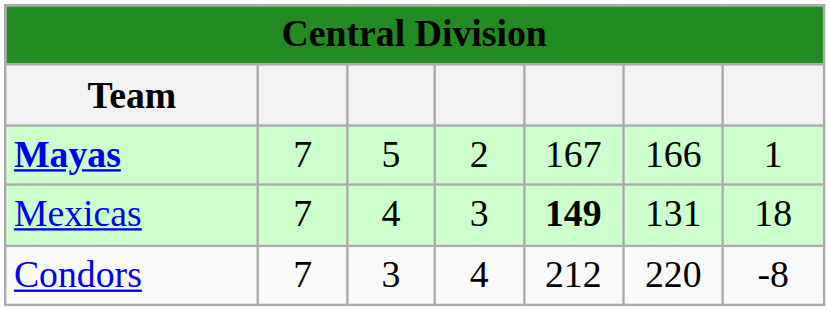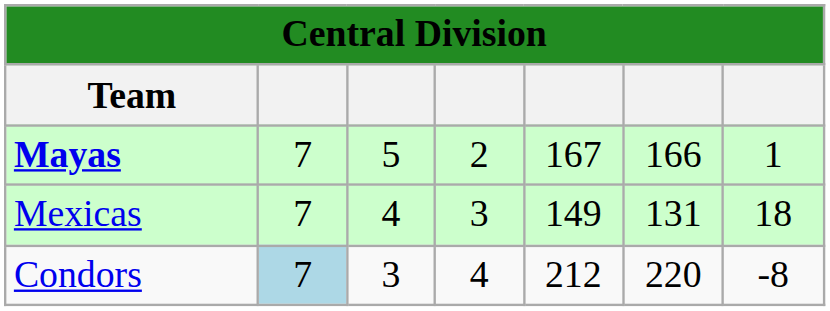 <table class="wikitable">
 <tr>
 <th colspan="11" style="background-color: ForestGreen;"><span>Central Division</span></th>
 </tr>
 <tr>
 <th width=100>Team</th>
 <th width=30></th>
 <th width=30></th>
 <th width=30></th>
 <th width=35></th>
 <th width=35></th>
 <th width=35></th>
 </tr>
 <tr style="text-align:center;background:#ccffcc;">
 <td style="text-align:left;"><strong><a href='#'>Mayas</a></strong></td>
 <td>7</td>
 <td>5</td>
 <td>2</td>
 <td>167</td>
 <td>166</td>
 <td>1</td>
 </tr>
 <tr style="text-align:center;background:#ccffcc;">
 <td style="text-align:left;"><a href='#'>Mexicas</a></td>
 <td>7</td>
 <td>4</td>
 <td>3</td>
-<td><strong>149</strong></td>
+<td>149</td>
 <td>131</td>
 <td>18</td>
 </tr>
 <tr style="text-align:center;">
 <td style="text-align:left;"><a href='#'>Condors</a></td>
-<td>7</td>
+<td style="background: lightblue;">7</td>
 <td>3</td>
 <td>4</td>
 <td>212</td>
 <td>220</td>
 <td>-8</td>
 </tr>
 </table>
